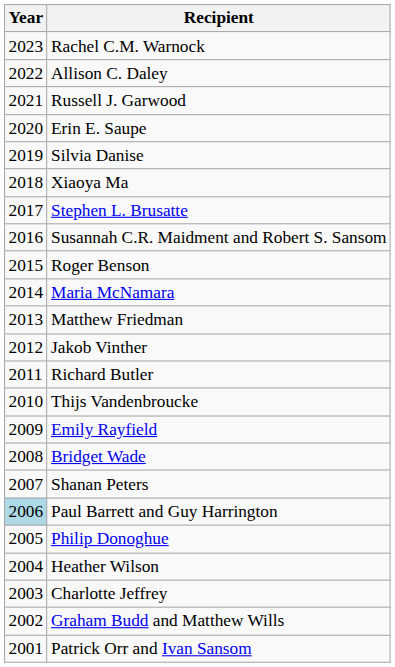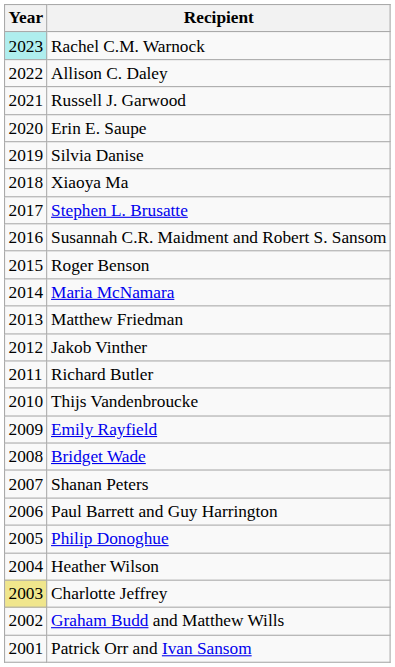 <table class="wikitable">
 <tr>
 <th>Year</th>
 <th>Recipient</th>
 </tr>
 <tr>
-<td>2023</td>
+<td style="background: paleturquoise;">2023</td>
 <td>Rachel C.M. Warnock</td>
 </tr>
 <tr>
 <td>2022</td>
 <td>Allison C. Daley</td>
 </tr>
 <tr>
 <td>2021</td>
 <td>Russell J. Garwood</td>
 </tr>
 <tr>
 <td>2020</td>
 <td>Erin E. Saupe</td>
 </tr>
 <tr>
 <td>2019</td>
 <td>Silvia Danise</td>
 </tr>
 <tr>
 <td>2018</td>
 <td>Xiaoya Ma</td>
 </tr>
 <tr>
 <td>2017</td>
 <td><a href='#'>Stephen L. Brusatte</a></td>
 </tr>
 <tr>
 <td>2016</td>
 <td>Susannah C.R. Maidment and Robert S. Sansom</td>
 </tr>
 <tr>
 <td>2015</td>
 <td>Roger Benson</td>
 </tr>
 <tr>
 <td>2014</td>
 <td><a href='#'>Maria McNamara</a></td>
 </tr>
 <tr>
 <td>2013</td>
 <td>Matthew Friedman</td>
 </tr>
 <tr>
 <td>2012</td>
 <td>Jakob Vinther</td>
 </tr>
 <tr>
 <td>2011</td>
 <td>Richard Butler</td>
 </tr>
 <tr>
 <td>2010</td>
 <td>Thijs Vandenbroucke</td>
 </tr>
 <tr>
 <td>2009</td>
 <td><a href='#'>Emily Rayfield</a></td>
 </tr>
 <tr>
 <td>2008</td>
 <td><a href='#'>Bridget Wade</a></td>
 </tr>
 <tr>
 <td>2007</td>
 <td>Shanan Peters</td>
 </tr>
 <tr>
-<td style="background: lightblue;">2006</td>
+<td>2006</td>
 <td>Paul Barrett and Guy Harrington</td>
 </tr>
 <tr>
 <td>2005</td>
 <td><a href='#'>Philip Donoghue</a></td>
 </tr>
 <tr>
 <td>2004</td>
 <td>Heather Wilson</td>
 </tr>
 <tr>
-<td>2003</td>
+<td style="background: khaki;">2003</td>
 <td>Charlotte Jeffrey</td>
 </tr>
 <tr>
 <td>2002</td>
 <td><a href='#'>Graham Budd</a> and Matthew Wills</td>
 </tr>
 <tr>
 <td>2001</td>
 <td>Patrick Orr and <a href='#'>Ivan Sansom</a></td>
 </tr>
 </table>
